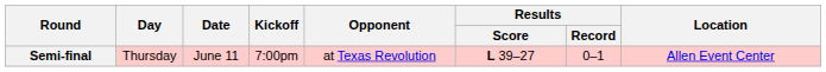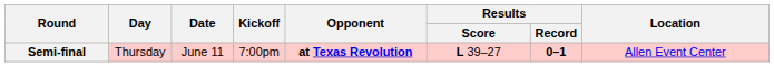 <table class="wikitable">
 <tr>
 <th rowspan="2" width="130">Round</th>
 <th rowspan="2" width="75">Day</th>
 <th rowspan="2" width="75">Date</th>
 <th rowspan="2" width="60">Kickoff</th>
 <th rowspan="2" width="180">Opponent</th>
 <th colspan="2" width="180">Results</th>
 <th rowspan="2" width="240">Location</th>
 </tr>
 <tr>
 <th width="130">Score</th>
 <th width="60">Record</th>
 </tr>
 <tr align="center" bgcolor="#FFCCCC">
 <th>Semi-final</th>
 <td>Thursday</td>
 <td>June 11</td>
 <td>7:00pm</td>
-<td>at <a href='#'>Texas Revolution</a></td>
+<td><strong>at <a href='#'>Texas Revolution</a></strong></td>
 <td><strong>L</strong> 39–27</td>
-<td>0–1</td>
+<td><strong>0–1</strong></td>
 <td><a href='#'>Allen Event Center</a></td>
 </tr>
 </table>
